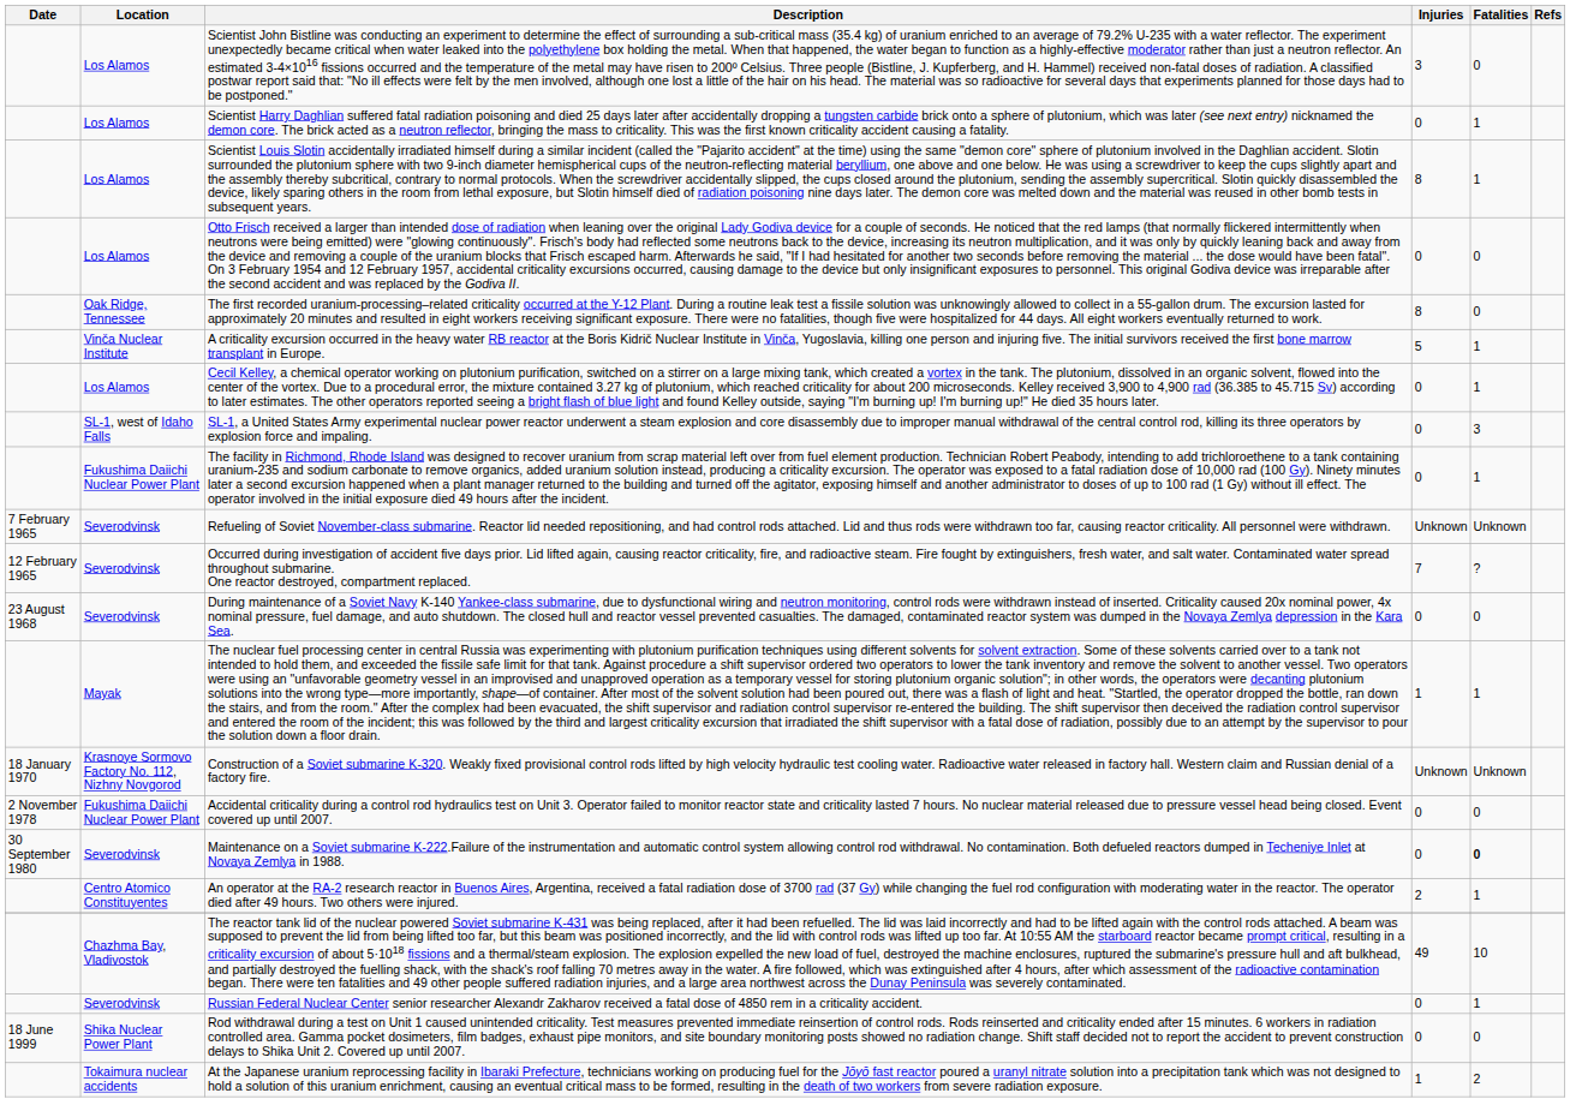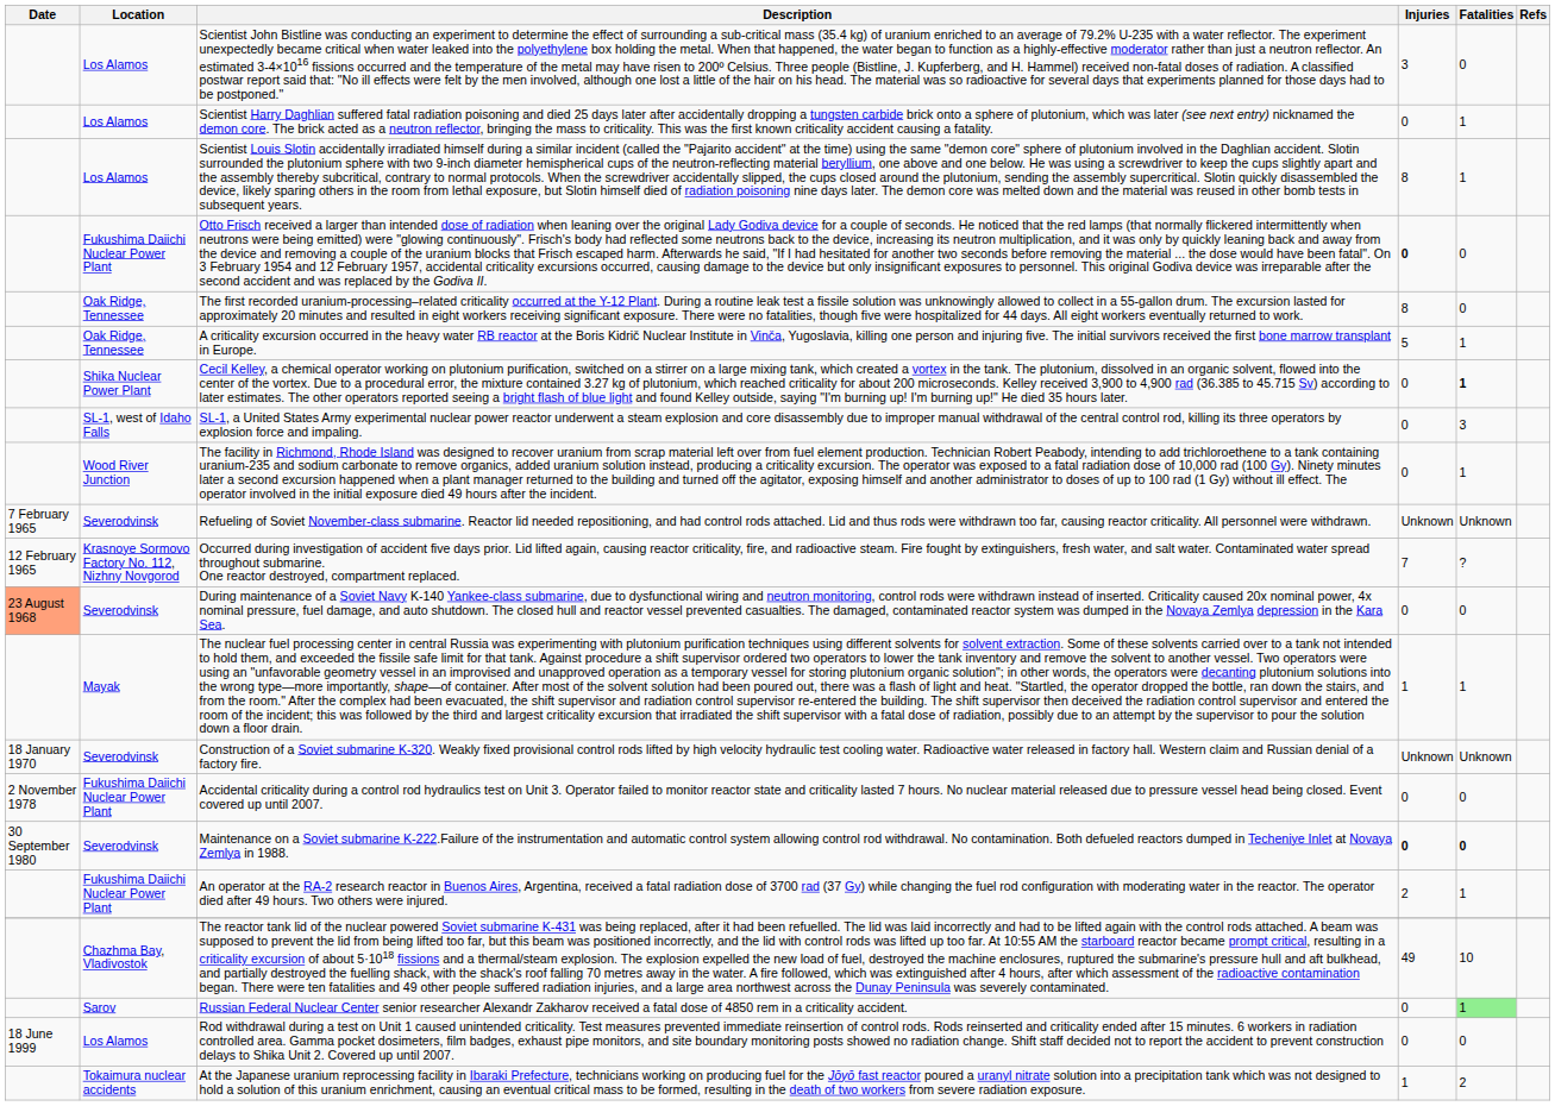 <table class="wikitable sortable">
 <tr>
 <th>Date</th>
 <th>Location</th>
 <th>Description</th>
 <th>Injuries</th>
 <th>Fatalities</th>
 <th>Refs</th>
 </tr>
 <tr>
 <td></td>
 <td><a href='#'>Los Alamos</a></td>
 <td>Scientist John Bistline was conducting an experiment to determine the effect of surrounding a sub-critical mass (35.4 kg) of uranium enriched to an average of 79.2% U-235 with a water reflector. The experiment unexpectedly became critical when water leaked into the <a href='#'>polyethylene</a> box holding the metal. When that happened, the water began to function as a highly-effective <a href='#'>moderator</a> rather than just a neutron reflector. An estimated 3-4×10<sup>16</sup> fissions occurred and the temperature of the metal may have risen to 200º Celsius. Three people (Bistline, J. Kupferberg, and H. Hammel) received non-fatal doses of radiation. A classified postwar report said that: "No ill effects were felt by the men involved, although one lost a little of the hair on his head. The material was so radioactive for several days that experiments planned for those days had to be postponed."</td>
 <td>3</td>
 <td>0</td>
 <td></td>
 </tr>
 <tr>
 <td></td>
 <td><a href='#'>Los Alamos</a></td>
 <td>Scientist <a href='#'>Harry Daghlian</a> suffered fatal radiation poisoning and died 25 days later after accidentally dropping a <a href='#'>tungsten carbide</a> brick onto a sphere of plutonium, which was later <em>(see next entry)</em> nicknamed the <a href='#'>demon core</a>. The brick acted as a <a href='#'>neutron reflector</a>, bringing the mass to criticality. This was the first known criticality accident causing a fatality.</td>
 <td>0</td>
 <td>1</td>
 <td></td>
 </tr>
 <tr>
 <td></td>
 <td><a href='#'>Los Alamos</a></td>
 <td>Scientist <a href='#'>Louis Slotin</a> accidentally irradiated himself during a similar incident (called the "Pajarito accident" at the time) using the same "demon core" sphere of plutonium involved in the Daghlian accident. Slotin surrounded the plutonium sphere with two 9-inch diameter hemispherical cups of the neutron-reflecting material <a href='#'>beryllium</a>, one above and one below. He was using a screwdriver to keep the cups slightly apart and the assembly thereby subcritical, contrary to normal protocols. When the screwdriver accidentally slipped, the cups closed around the plutonium, sending the assembly supercritical. Slotin quickly disassembled the device, likely sparing others in the room from lethal exposure, but Slotin himself died of <a href='#'>radiation poisoning</a> nine days later. The demon core was melted down and the material was reused in other bomb tests in subsequent years.</td>
 <td>8</td>
 <td>1</td>
 <td></td>
 </tr>
 <tr>
 <td></td>
-<td><a href='#'>Los Alamos</a></td>
+<td><a href='#'>Fukushima Daiichi Nuclear Power Plant</a></td>
 <td><a href='#'>Otto Frisch</a> received a larger than intended <a href='#'>dose of radiation</a> when leaning over the original <a href='#'>Lady Godiva device</a> for a couple of seconds. He noticed that the red lamps (that normally flickered intermittently when neutrons were being emitted) were "glowing continuously". Frisch's body had reflected some neutrons back to the device, increasing its neutron multiplication, and it was only by quickly leaning back and away from the device and removing a couple of the uranium blocks that Frisch escaped harm. Afterwards he said, "If I had hesitated for another two seconds before removing the material ... the dose would have been fatal". On 3 February 1954 and 12 February 1957, accidental criticality excursions occurred, causing damage to the device but only insignificant exposures to personnel. This original Godiva device was irreparable after the second accident and was replaced by the <em>Godiva II</em>.</td>
-<td>0</td>
+<td><strong>0</strong></td>
 <td>0</td>
 <td></td>
 </tr>
 <tr>
 <td></td>
 <td><a href='#'>Oak Ridge, Tennessee</a></td>
 <td>The first recorded uranium-processing–related criticality <a href='#'>occurred at the Y-12 Plant</a>. During a routine leak test a fissile solution was unknowingly allowed to collect in a 55-gallon drum. The excursion lasted for approximately 20 minutes and resulted in eight workers receiving significant exposure. There were no fatalities, though five were hospitalized for 44 days. All eight workers eventually returned to work.</td>
 <td>8</td>
 <td>0</td>
 <td></td>
 </tr>
 <tr>
 <td></td>
-<td><a href='#'>Vinča Nuclear Institute</a></td>
+<td><a href='#'>Oak Ridge, Tennessee</a></td>
 <td>A criticality excursion occurred in the heavy water <a href='#'>RB reactor</a> at the Boris Kidrič Nuclear Institute in <a href='#'>Vinča</a>, Yugoslavia, killing one person and injuring five. The initial survivors received the first <a href='#'>bone marrow transplant</a> in Europe.</td>
 <td>5</td>
 <td>1</td>
 <td></td>
 </tr>
 <tr>
 <td></td>
-<td><a href='#'>Los Alamos</a></td>
+<td><a href='#'>Shika Nuclear Power Plant</a></td>
 <td><a href='#'>Cecil Kelley</a>, a chemical operator working on plutonium purification, switched on a stirrer on a large mixing tank, which created a <a href='#'>vortex</a> in the tank. The plutonium, dissolved in an organic solvent, flowed into the center of the vortex. Due to a procedural error, the mixture contained 3.27 kg of plutonium, which reached criticality for about 200 microseconds. Kelley received 3,900 to 4,900 <a href='#'>rad</a> (36.385 to 45.715 <a href='#'>Sv</a>) according to later estimates. The other operators reported seeing a <a href='#'>bright flash of blue light</a> and found Kelley outside, saying "I'm burning up! I'm burning up!" He died 35 hours later.</td>
 <td>0</td>
-<td>1</td>
+<td><strong>1</strong></td>
 <td></td>
 </tr>
 <tr>
 <td></td>
 <td><a href='#'>SL-1</a>,  west of <a href='#'>Idaho Falls</a></td>
 <td><a href='#'>SL-1</a>, a United States Army experimental nuclear power reactor underwent a steam explosion and core disassembly due to improper manual withdrawal of the central control rod, killing its three operators by explosion force and impaling.</td>
 <td>0</td>
 <td>3</td>
 <td></td>
 </tr>
 <tr>
 <td></td>
-<td><a href='#'>Fukushima Daiichi Nuclear Power Plant</a></td>
+<td><a href='#'>Wood River Junction</a></td>
 <td>The facility in <a href='#'>Richmond, Rhode Island</a> was designed to recover uranium from scrap material left over from fuel element production. Technician Robert Peabody, intending to add trichloroethene to a tank containing uranium-235 and sodium carbonate to remove organics, added uranium solution instead, producing a criticality excursion. The operator was exposed to a fatal radiation dose of 10,000 rad (100 <a href='#'>Gy</a>). Ninety minutes later a second excursion happened when a plant manager returned to the building and turned off the agitator, exposing himself and another administrator to doses of up to 100 rad (1 Gy) without ill effect. The operator involved in the initial exposure died 49 hours after the incident.</td>
 <td>0</td>
 <td>1</td>
 <td></td>
 </tr>
 <tr>
 <td>7 February 1965</td>
 <td><a href='#'>Severodvinsk</a></td>
 <td>Refueling of Soviet <a href='#'>November-class submarine</a>. Reactor lid needed repositioning, and had control rods attached. Lid and thus rods were withdrawn too far, causing reactor criticality. All personnel were withdrawn.</td>
 <td>Unknown</td>
 <td>Unknown</td>
 <td></td>
 </tr>
 <tr>
 <td>12 February 1965</td>
-<td><a href='#'>Severodvinsk</a></td>
+<td><a href='#'>Krasnoye Sormovo Factory No. 112</a>, <a href='#'>Nizhny Novgorod</a></td>
 <td>Occurred during investigation of accident five days prior. Lid lifted again, causing reactor criticality, fire, and radioactive steam. Fire fought by extinguishers, fresh water, and salt water. Contaminated water spread throughout submarine.<br>One reactor destroyed, compartment replaced.</td>
 <td>7</td>
 <td>?</td>
 <td></td>
 </tr>
 <tr>
-<td>23 August 1968</td>
+<td style="background: lightsalmon;">23 August 1968</td>
 <td><a href='#'>Severodvinsk</a></td>
 <td>During maintenance of a <a href='#'>Soviet Navy</a> K-140 <a href='#'>Yankee-class submarine</a>, due to dysfunctional wiring and <a href='#'>neutron monitoring</a>, control rods were withdrawn instead of inserted. Criticality caused 20x nominal power, 4x nominal pressure, fuel damage, and auto shutdown. The closed hull and reactor vessel prevented casualties. The damaged, contaminated reactor system was dumped in the <a href='#'>Novaya Zemlya</a> <a href='#'>depression</a> in the <a href='#'>Kara Sea</a>.</td>
 <td>0</td>
 <td>0</td>
 <td></td>
 </tr>
 <tr>
 <td></td>
 <td><a href='#'>Mayak</a></td>
 <td>The nuclear fuel processing center in central Russia was experimenting with plutonium purification techniques using different solvents for <a href='#'>solvent extraction</a>. Some of these solvents carried over to a tank not intended to hold them, and exceeded the fissile safe limit for that tank. Against procedure a shift supervisor ordered two operators to lower the tank inventory and remove the solvent to another vessel. Two operators were using an "unfavorable geometry vessel in an improvised and unapproved operation as a temporary vessel for storing plutonium organic solution"; in other words, the operators were <a href='#'>decanting</a> plutonium solutions into the wrong type—more importantly, <em>shape</em>—of container. After most of the solvent solution had been poured out, there was a flash of light and heat. "Startled, the operator dropped the bottle, ran down the stairs, and from the room." After the complex had been evacuated, the shift supervisor and radiation control supervisor re-entered the building. The shift supervisor then deceived the radiation control supervisor and entered the room of the incident; this was followed by the third and largest criticality excursion that irradiated the shift supervisor with a fatal dose of radiation, possibly due to an attempt by the supervisor to pour the solution down a floor drain.</td>
 <td>1</td>
 <td>1</td>
 <td></td>
 </tr>
 <tr>
 <td>18 January 1970</td>
-<td><a href='#'>Krasnoye Sormovo Factory No. 112</a>, <a href='#'>Nizhny Novgorod</a></td>
+<td><a href='#'>Severodvinsk</a></td>
 <td>Construction of a <a href='#'>Soviet submarine K-320</a>. Weakly fixed provisional control rods lifted by high velocity hydraulic test cooling water. Radioactive water released in factory hall. Western claim and Russian denial of a factory fire.</td>
 <td>Unknown</td>
 <td>Unknown</td>
 <td></td>
 </tr>
 <tr>
 <td>2 November 1978</td>
 <td><a href='#'>Fukushima Daiichi Nuclear Power Plant</a></td>
 <td>Accidental criticality during a control rod hydraulics test on Unit 3. Operator failed to monitor reactor state and criticality lasted 7 hours. No nuclear material released due to pressure vessel head being closed. Event covered up until 2007.</td>
 <td>0</td>
 <td>0</td>
 <td></td>
 </tr>
 <tr>
 <td>30 September 1980</td>
 <td><a href='#'>Severodvinsk</a></td>
 <td>Maintenance on a <a href='#'>Soviet submarine K-222</a>.Failure of the instrumentation and automatic control system allowing control rod withdrawal. No contamination. Both defueled reactors dumped in <a href='#'>Techeniye Inlet</a> at <a href='#'>Novaya Zemlya</a> in 1988.</td>
-<td>0</td>
+<td><strong>0</strong></td>
 <td><strong>0</strong></td>
 <td></td>
 </tr>
 <tr>
 <td></td>
-<td><a href='#'>Centro Atomico Constituyentes</a></td>
+<td><a href='#'>Fukushima Daiichi Nuclear Power Plant</a></td>
 <td>An operator at the <a href='#'>RA-2</a> research reactor in <a href='#'>Buenos Aires</a>, Argentina, received a fatal radiation dose of 3700 <a href='#'>rad</a> (37 <a href='#'>Gy</a>) while changing the fuel rod configuration with moderating water in the reactor. The operator died after 49 hours. Two others were injured.</td>
 <td>2</td>
 <td>1</td>
 <td></td>
 </tr>
 <tr>
 </tr>
 <tr>
 <td></td>
 <td><a href='#'>Chazhma Bay</a>, <a href='#'>Vladivostok</a></td>
 <td>The reactor tank lid of the nuclear powered <a href='#'>Soviet submarine K-431</a> was being replaced, after it had been refuelled. The lid was laid incorrectly and had to be lifted again with the control rods attached. A beam was supposed to prevent the lid from being lifted too far, but this beam was positioned incorrectly, and the lid with control rods was lifted up too far. At 10:55 AM the <a href='#'>starboard</a> reactor became <a href='#'>prompt critical</a>, resulting in a <a href='#'>criticality excursion</a> of about 5·10<sup>18</sup> <a href='#'>fissions</a> and a thermal/steam explosion. The explosion expelled the new load of fuel, destroyed the machine enclosures, ruptured the submarine's pressure hull and aft bulkhead, and partially destroyed the fuelling shack, with the shack's roof falling 70 metres away in the water. A fire followed, which was extinguished after 4 hours, after which assessment of the <a href='#'>radioactive contamination</a> began. There were ten fatalities and 49 other people suffered radiation injuries, and a large area northwest across the <a href='#'>Dunay Peninsula</a> was severely contaminated.</td>
 <td>49</td>
 <td>10</td>
 <td></td>
 </tr>
 <tr>
 <td></td>
-<td><a href='#'>Severodvinsk</a></td>
+<td><a href='#'>Sarov</a></td>
 <td><a href='#'>Russian Federal Nuclear Center</a> senior researcher Alexandr Zakharov received a fatal dose of 4850 rem in a criticality accident.</td>
 <td>0</td>
-<td>1</td>
+<td style="background: lightgreen;">1</td>
 <td></td>
 </tr>
 <tr>
 <td>18 June 1999</td>
-<td><a href='#'>Shika Nuclear Power Plant</a></td>
+<td><a href='#'>Los Alamos</a></td>
 <td>Rod withdrawal during a test on Unit 1 caused unintended criticality. Test measures prevented immediate reinsertion of control rods. Rods reinserted and criticality ended after 15 minutes. 6 workers in radiation controlled area. Gamma pocket dosimeters, film badges, exhaust pipe monitors, and site boundary monitoring posts showed no radiation change. Shift staff decided not to report the accident to prevent construction delays to Shika Unit 2. Covered up until 2007.</td>
 <td>0</td>
 <td>0</td>
 <td></td>
 </tr>
 <tr>
 <td></td>
 <td><a href='#'>Tokaimura nuclear accidents</a></td>
 <td>At the Japanese uranium reprocessing facility in <a href='#'>Ibaraki Prefecture</a>, technicians working on producing fuel for the <a href='#'><em>Jōyō</em> fast reactor</a> poured a <a href='#'>uranyl nitrate</a> solution into a precipitation tank which was not designed to hold a solution of this uranium enrichment, causing an eventual critical mass to be formed, resulting in the <a href='#'>death of two workers</a> from severe radiation exposure.</td>
 <td>1</td>
 <td>2</td>
 <td></td>
 </tr>
 </table>
